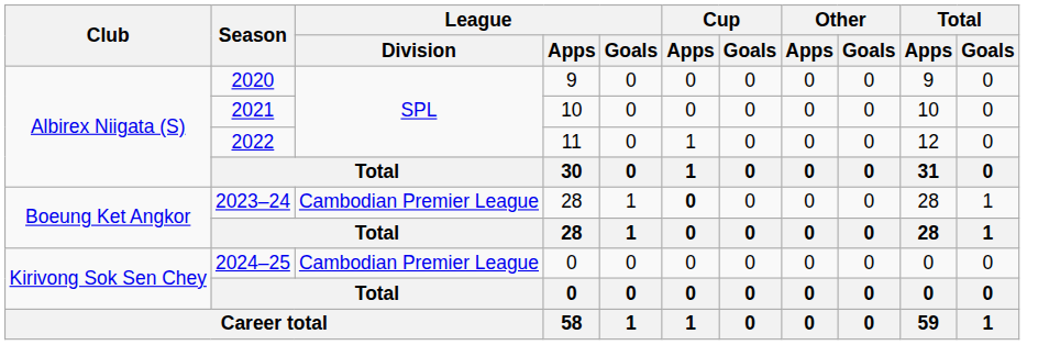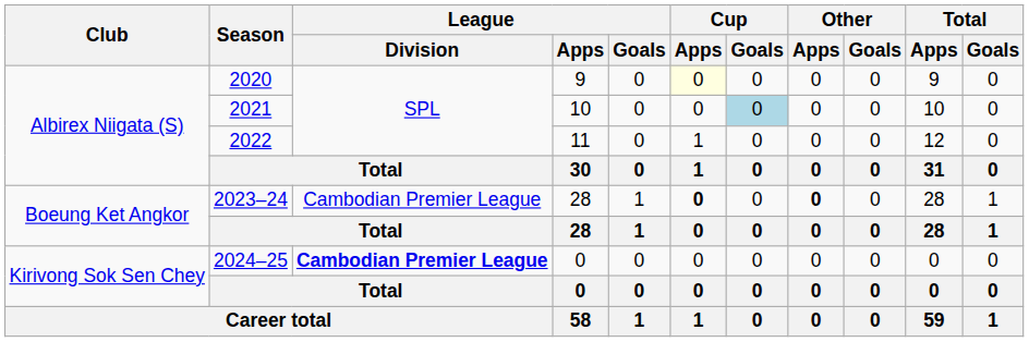 <table class="wikitable" style="text-align: center">
 <tr>
 <th rowspan="2">Club</th>
 <th rowspan="2">Season</th>
 <th colspan="3">League</th>
 <th colspan="2">Cup</th>
 <th colspan="2">Other</th>
 <th colspan="2">Total</th>
 </tr>
 <tr>
 <th>Division</th>
 <th>Apps</th>
 <th>Goals</th>
 <th>Apps</th>
 <th>Goals</th>
 <th>Apps</th>
 <th>Goals</th>
 <th>Apps</th>
 <th>Goals</th>
 </tr>
 <tr>
 <td rowspan="4"><a href='#'>Albirex Niigata (S)</a></td>
 <td><a href='#'>2020</a></td>
 <td rowspan="3"><a href='#'>SPL</a></td>
 <td>9</td>
 <td>0</td>
-<td>0</td>
+<td style="background: lightyellow;">0</td>
 <td>0</td>
 <td>0</td>
 <td>0</td>
 <td>9</td>
 <td>0</td>
 </tr>
 <tr>
 <td><a href='#'>2021</a></td>
 <td>10</td>
 <td>0</td>
 <td>0</td>
-<td>0</td>
+<td style="background: lightblue;">0</td>
 <td>0</td>
 <td>0</td>
 <td>10</td>
 <td>0</td>
 </tr>
 <tr>
 <td><a href='#'>2022</a></td>
 <td>11</td>
 <td>0</td>
 <td>1</td>
 <td>0</td>
 <td>0</td>
 <td>0</td>
 <td>12</td>
 <td>0</td>
 </tr>
 <tr>
 <th colspan=2>Total</th>
 <th>30</th>
 <th>0</th>
 <th>1</th>
 <th>0</th>
 <th>0</th>
 <th>0</th>
 <th>31</th>
 <th>0</th>
 </tr>
 <tr>
 <td rowspan="2"><a href='#'>Boeung Ket Angkor</a></td>
 <td><a href='#'>2023–24</a></td>
 <td><a href='#'>Cambodian Premier League</a></td>
 <td>28</td>
 <td>1</td>
 <td><strong>0</strong></td>
 <td>0</td>
-<td>0</td>
+<td><strong>0</strong></td>
 <td>0</td>
 <td>28</td>
 <td>1</td>
 </tr>
 <tr>
 <th colspan=2>Total</th>
 <th>28</th>
 <th>1</th>
 <th>0</th>
 <th>0</th>
 <th>0</th>
 <th>0</th>
 <th>28</th>
 <th>1</th>
 </tr>
 <tr>
 <td rowspan="2"><a href='#'>Kirivong Sok Sen Chey</a></td>
 <td><a href='#'>2024–25</a></td>
-<td><a href='#'>Cambodian Premier League</a></td>
+<td><strong><a href='#'>Cambodian Premier League</a></strong></td>
 <td>0</td>
 <td>0</td>
 <td>0</td>
 <td>0</td>
 <td>0</td>
 <td>0</td>
 <td>0</td>
 <td>0</td>
 </tr>
 <tr>
 <th colspan=2>Total</th>
 <th>0</th>
 <th>0</th>
 <th>0</th>
 <th>0</th>
 <th>0</th>
 <th>0</th>
 <th>0</th>
 <th>0</th>
 </tr>
 <tr>
 <th colspan=3>Career total</th>
 <th>58</th>
 <th>1</th>
 <th>1</th>
 <th>0</th>
 <th>0</th>
 <th>0</th>
 <th>59</th>
 <th>1</th>
 </tr>
 </table>
